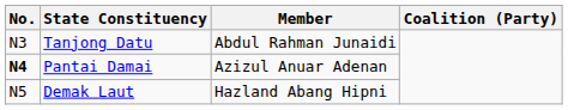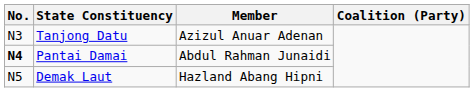 <table class="wikitable">
 <tr>
 <th>No.</th>
 <th>State Constituency</th>
 <th>Member</th>
 <th>Coalition (Party)</th>
 </tr>
 <tr>
 <td>N3</td>
 <td><a href='#'>Tanjong Datu</a></td>
-<td>Abdul Rahman Junaidi</td>
+<td>Azizul Anuar Adenan</td>
 <td rowspan="3"></td>
 </tr>
 <tr>
 <td><strong>N4</strong></td>
 <td><a href='#'>Pantai Damai</a></td>
-<td>Azizul Anuar Adenan</td>
+<td>Abdul Rahman Junaidi</td>
 </tr>
 <tr>
 <td>N5</td>
 <td><a href='#'>Demak Laut</a></td>
 <td>Hazland Abang Hipni</td>
 </tr>
 </table>
